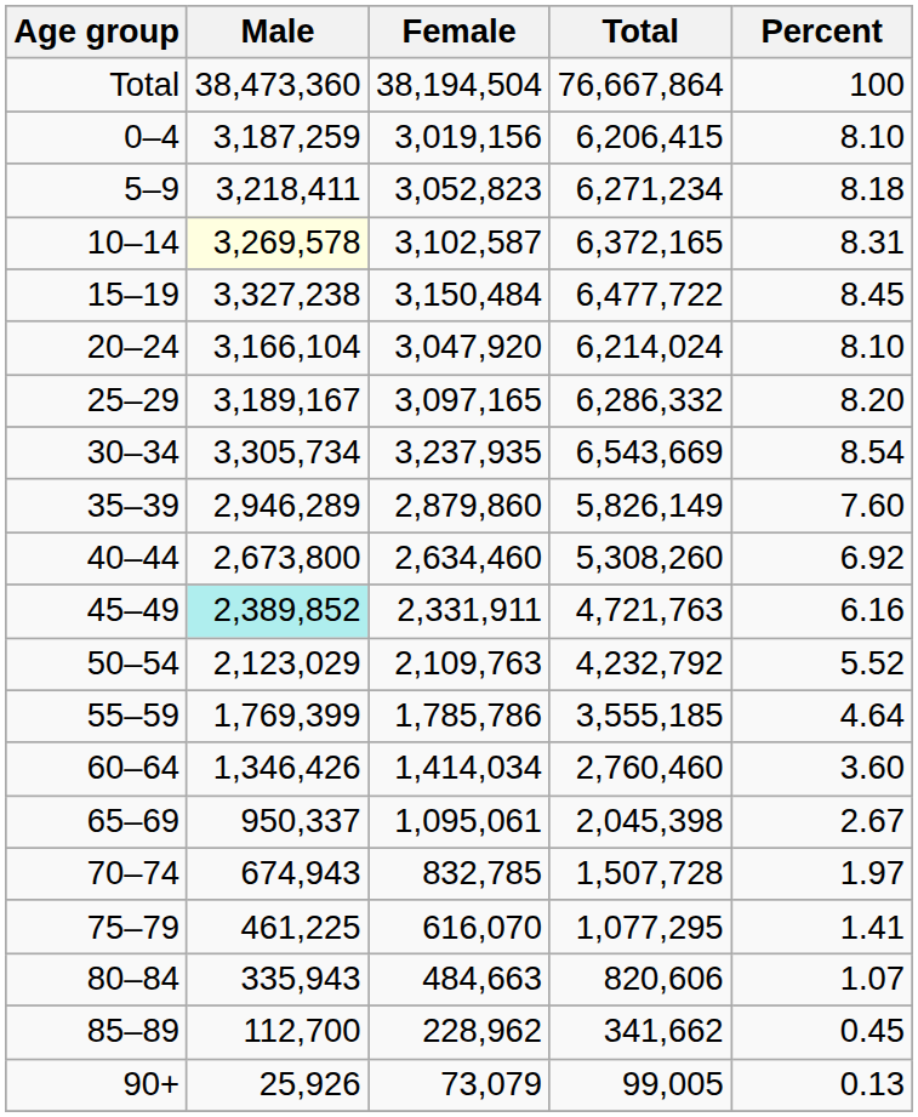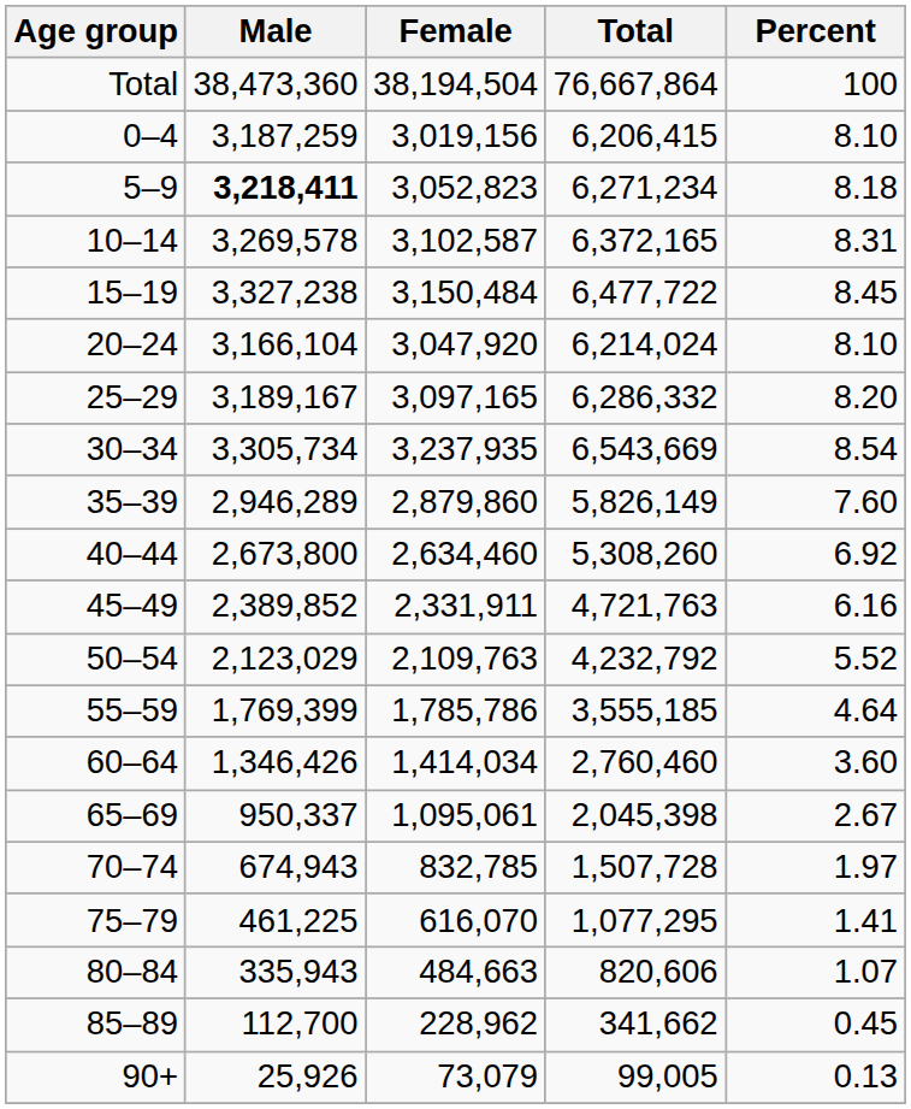 <table class="wikitable">
 <tr>
 <th width="80pt">Age group</th>
 <th width="80pt">Male</th>
 <th width="80pt">Female</th>
 <th width="80pt">Total</th>
 <th width="80pt">Percent</th>
 </tr>
 <tr>
 <td align="right">Total</td>
 <td align="right">38,473,360</td>
 <td align="right">38,194,504</td>
 <td align="right">76,667,864</td>
 <td align="right">100</td>
 </tr>
 <tr>
 <td align="right">0–4</td>
 <td align="right">3,187,259</td>
 <td align="right">3,019,156</td>
 <td align="right">6,206,415</td>
 <td align="right">8.10</td>
 </tr>
 <tr>
 <td align="right">5–9</td>
-<td align="right">3,218,411</td>
+<td align="right"><strong>3,218,411</strong></td>
 <td align="right">3,052,823</td>
 <td align="right">6,271,234</td>
 <td align="right">8.18</td>
 </tr>
 <tr>
 <td align="right">10–14</td>
-<td align="right" style="background: lightyellow;">3,269,578</td>
+<td align="right">3,269,578</td>
 <td align="right">3,102,587</td>
 <td align="right">6,372,165</td>
 <td align="right">8.31</td>
 </tr>
 <tr>
 <td align="right">15–19</td>
 <td align="right">3,327,238</td>
 <td align="right">3,150,484</td>
 <td align="right">6,477,722</td>
 <td align="right">8.45</td>
 </tr>
 <tr>
 <td align="right">20–24</td>
 <td align="right">3,166,104</td>
 <td align="right">3,047,920</td>
 <td align="right">6,214,024</td>
 <td align="right">8.10</td>
 </tr>
 <tr>
 <td align="right">25–29</td>
 <td align="right">3,189,167</td>
 <td align="right">3,097,165</td>
 <td align="right">6,286,332</td>
 <td align="right">8.20</td>
 </tr>
 <tr>
 <td align="right">30–34</td>
 <td align="right">3,305,734</td>
 <td align="right">3,237,935</td>
 <td align="right">6,543,669</td>
 <td align="right">8.54</td>
 </tr>
 <tr>
 <td align="right">35–39</td>
 <td align="right">2,946,289</td>
 <td align="right">2,879,860</td>
 <td align="right">5,826,149</td>
 <td align="right">7.60</td>
 </tr>
 <tr>
 <td align="right">40–44</td>
 <td align="right">2,673,800</td>
 <td align="right">2,634,460</td>
 <td align="right">5,308,260</td>
 <td align="right">6.92</td>
 </tr>
 <tr>
 <td align="right">45–49</td>
-<td align="right" style="background: paleturquoise;">2,389,852</td>
+<td align="right">2,389,852</td>
 <td align="right">2,331,911</td>
 <td align="right">4,721,763</td>
 <td align="right">6.16</td>
 </tr>
 <tr>
 <td align="right">50–54</td>
 <td align="right">2,123,029</td>
 <td align="right">2,109,763</td>
 <td align="right">4,232,792</td>
 <td align="right">5.52</td>
 </tr>
 <tr>
 <td align="right">55–59</td>
 <td align="right">1,769,399</td>
 <td align="right">1,785,786</td>
 <td align="right">3,555,185</td>
 <td align="right">4.64</td>
 </tr>
 <tr>
 <td align="right">60–64</td>
 <td align="right">1,346,426</td>
 <td align="right">1,414,034</td>
 <td align="right">2,760,460</td>
 <td align="right">3.60</td>
 </tr>
 <tr>
 <td align="right">65–69</td>
 <td align="right">950,337</td>
 <td align="right">1,095,061</td>
 <td align="right">2,045,398</td>
 <td align="right">2.67</td>
 </tr>
 <tr>
 <td align="right">70–74</td>
 <td align="right">674,943</td>
 <td align="right">832,785</td>
 <td align="right">1,507,728</td>
 <td align="right">1.97</td>
 </tr>
 <tr>
 <td align="right">75–79</td>
 <td align="right">461,225</td>
 <td align="right">616,070</td>
 <td align="right">1,077,295</td>
 <td align="right">1.41</td>
 </tr>
 <tr>
 <td align="right">80–84</td>
 <td align="right">335,943</td>
 <td align="right">484,663</td>
 <td align="right">820,606</td>
 <td align="right">1.07</td>
 </tr>
 <tr>
 <td align="right">85–89</td>
 <td align="right">112,700</td>
 <td align="right">228,962</td>
 <td align="right">341,662</td>
 <td align="right">0.45</td>
 </tr>
 <tr>
 <td align="right">90+</td>
 <td align="right">25,926</td>
 <td align="right">73,079</td>
 <td align="right">99,005</td>
 <td align="right">0.13</td>
 </tr>
 <tr>
 </tr>
 </table>
